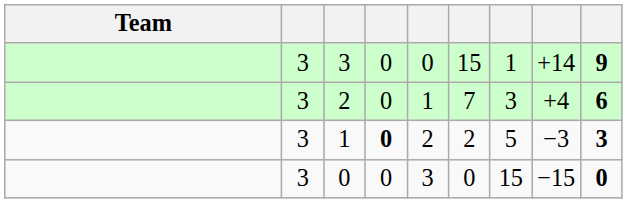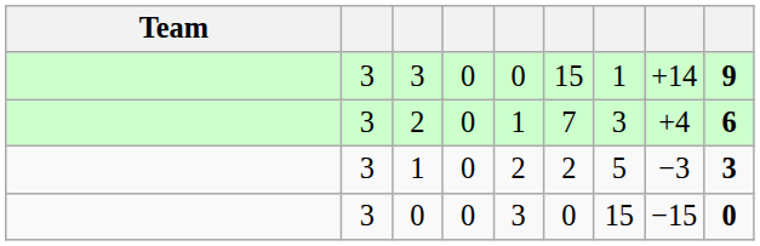 <table class="wikitable" style="text-align:center;">
 <tr>
 <th width="175">Team</th>
 <th width="20"></th>
 <th width="20"></th>
 <th width="20"></th>
 <th width="20"></th>
 <th width="20"></th>
 <th width="20"></th>
 <th width="20"></th>
 <th width="20"></th>
 </tr>
 <tr bgcolor=ccffcc>
 <td align=left></td>
 <td>3</td>
 <td>3</td>
 <td>0</td>
 <td>0</td>
 <td>15</td>
 <td>1</td>
 <td>+14</td>
 <td><strong>9</strong></td>
 </tr>
 <tr bgcolor=ccffcc>
 <td align=left></td>
 <td>3</td>
 <td>2</td>
 <td>0</td>
 <td>1</td>
 <td>7</td>
 <td>3</td>
 <td>+4</td>
 <td><strong>6</strong></td>
 </tr>
 <tr>
 <td align=left></td>
 <td>3</td>
 <td>1</td>
-<td><strong>0</strong></td>
+<td>0</td>
 <td>2</td>
 <td>2</td>
 <td>5</td>
 <td>−3</td>
 <td><strong>3</strong></td>
 </tr>
 <tr>
 <td align=left></td>
 <td>3</td>
 <td>0</td>
 <td>0</td>
 <td>3</td>
 <td>0</td>
 <td>15</td>
 <td>−15</td>
 <td><strong>0</strong></td>
 </tr>
 </table>
